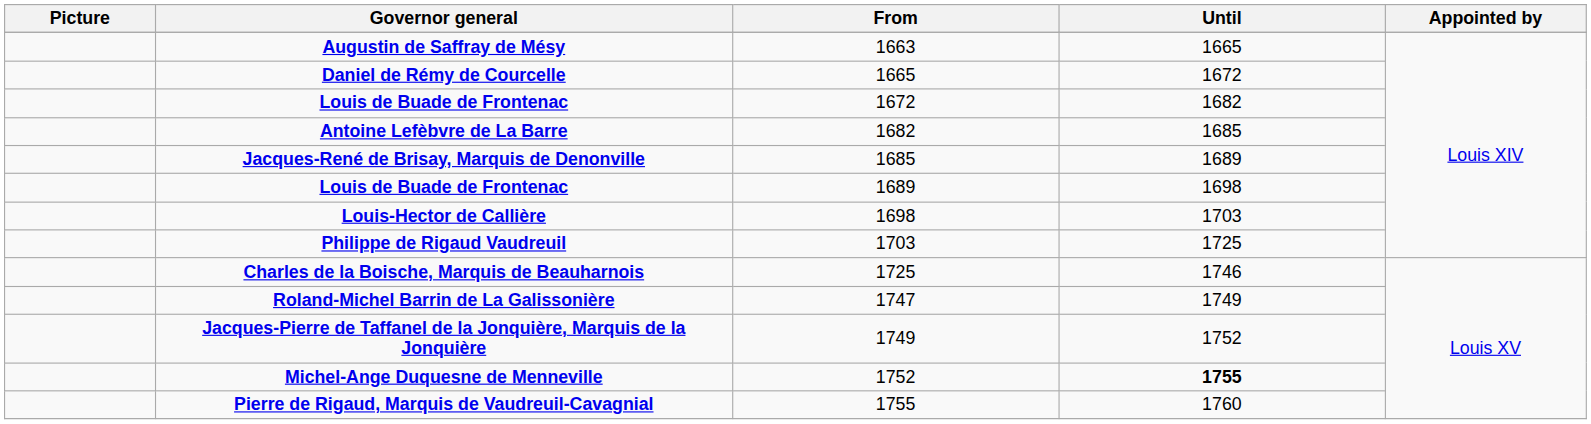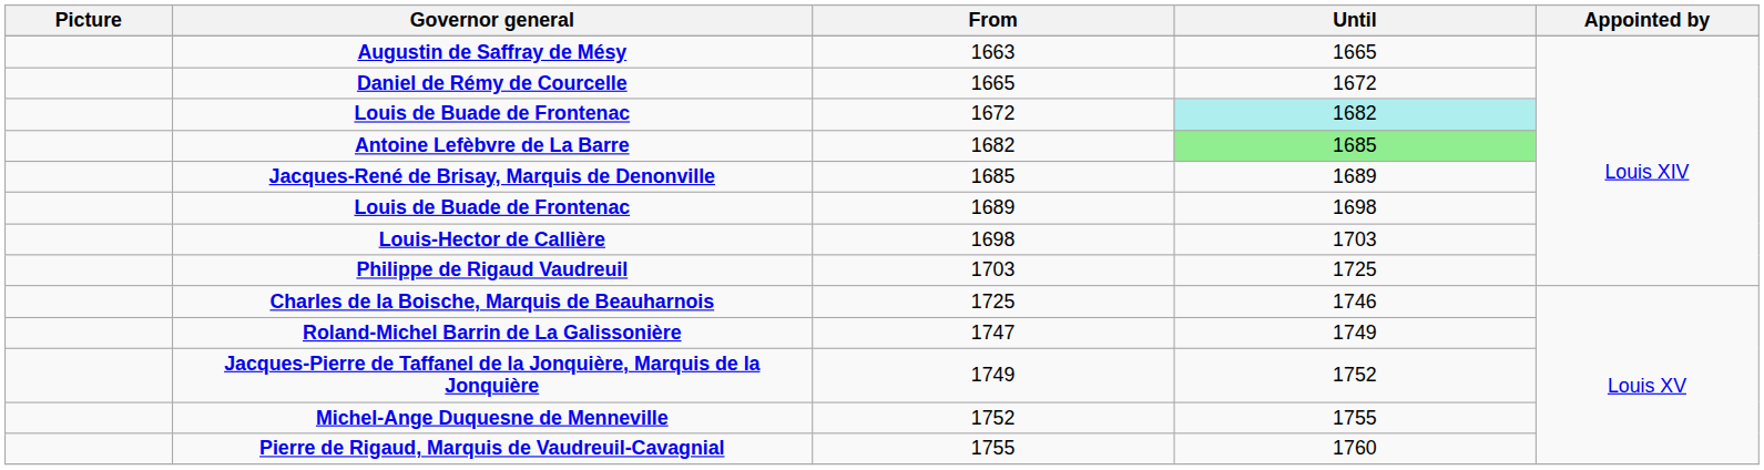 <table width=90% class="wikitable">
 <tr style="background:#cccccc">
 <th width=6%>Picture</th>
 <th width=23%>Governor general<br></th>
 <th width=13%>From</th>
 <th width=13%>Until</th>
 <th width=8%>Appointed by</th>
 </tr>
 <tr textstyle="align:center">
 </tr>
 <tr align="center">
 <td></td>
 <td><strong><a href='#'>Augustin de Saffray de Mésy</a></strong><br></td>
 <td>1663</td>
 <td>1665</td>
 <td rowspan="8"><br><a href='#'>Louis XIV</a><br></td>
 </tr>
 <tr align="center">
 <td></td>
 <td><strong><a href='#'>Daniel de Rémy de Courcelle</a></strong><br></td>
 <td>1665</td>
 <td>1672</td>
 </tr>
 <tr align="center">
 <td></td>
 <td><strong><a href='#'>Louis de Buade de Frontenac</a></strong><br></td>
 <td>1672</td>
-<td>1682</td>
+<td style="background: paleturquoise;">1682</td>
 </tr>
 <tr align="center">
 <td></td>
 <td><strong><a href='#'>Antoine Lefèbvre de La Barre</a></strong><br></td>
 <td>1682</td>
-<td>1685</td>
+<td style="background: lightgreen;">1685</td>
 </tr>
 <tr align="center">
 <td></td>
 <td><strong><a href='#'>Jacques-René de Brisay, Marquis de Denonville</a></strong><br></td>
 <td>1685</td>
 <td>1689</td>
 </tr>
 <tr align="center">
 <td></td>
 <td><strong><a href='#'>Louis de Buade de Frontenac</a></strong><br></td>
 <td>1689</td>
 <td>1698</td>
 </tr>
 <tr align="center">
 <td></td>
 <td><strong><a href='#'>Louis-Hector de Callière</a></strong><br></td>
 <td>1698</td>
 <td>1703</td>
 </tr>
 <tr align="center">
 <td></td>
 <td><strong><a href='#'>Philippe de Rigaud Vaudreuil</a></strong><br></td>
 <td>1703</td>
 <td>1725</td>
 </tr>
 <tr align="center">
 <td></td>
 <td><strong><a href='#'>Charles de la Boische, Marquis de Beauharnois</a></strong><br></td>
 <td>1725</td>
 <td>1746</td>
 <td rowspan="5"><br><a href='#'>Louis XV</a><br></td>
 </tr>
 <tr align="center">
 <td></td>
 <td><strong><a href='#'>Roland-Michel Barrin de La Galissonière</a></strong><br></td>
 <td>1747</td>
 <td>1749</td>
 </tr>
 <tr align="center">
 <td></td>
 <td><strong><a href='#'>Jacques-Pierre de Taffanel de la Jonquière, Marquis de la Jonquière</a></strong><br></td>
 <td>1749</td>
 <td>1752</td>
 </tr>
 <tr align="center">
 <td></td>
 <td><strong><a href='#'>Michel-Ange Duquesne de Menneville</a></strong><br></td>
 <td>1752</td>
-<td><strong>1755</strong></td>
+<td>1755</td>
 </tr>
 <tr align="center">
 <td></td>
 <td><strong><a href='#'>Pierre de Rigaud, Marquis de Vaudreuil-Cavagnial</a></strong><br></td>
 <td>1755</td>
 <td>1760</td>
 </tr>
 <tr align="center">
 </tr>
 </table>
